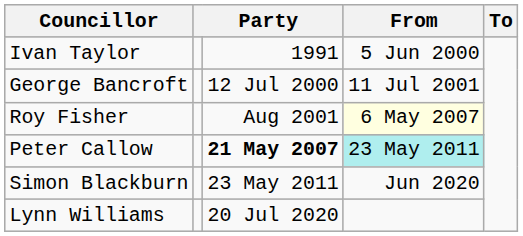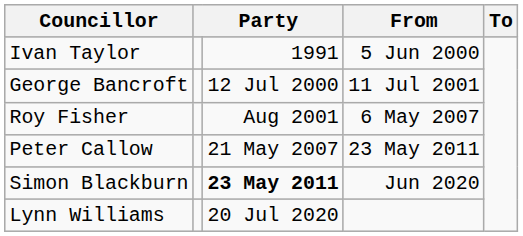 <table class=wikitable>
 <tr>
 <th>Councillor</th>
 <th colspan=2>Party</th>
 <th>From</th>
 <th>To</th>
 </tr>
 <tr>
 <td>Ivan Taylor</td>
 <td></td>
 <td align=right>1991</td>
 <td align=right>5 Jun 2000</td>
 </tr>
 <tr>
 <td>George Bancroft</td>
 <td></td>
 <td align=right>12 Jul 2000</td>
 <td align=right>11 Jul 2001</td>
 </tr>
 <tr>
 <td>Roy Fisher</td>
 <td></td>
 <td align=right>Aug 2001</td>
-<td align=right style="background: lightyellow;">6 May 2007</td>
+<td align=right>6 May 2007</td>
 </tr>
 <tr>
 <td>Peter Callow</td>
 <td></td>
-<td align=right><strong>21 May 2007</strong></td>
-<td align=right style="background: paleturquoise;">23 May 2011</td>
+<td align=right>21 May 2007</td>
+<td align=right>23 May 2011</td>
 </tr>
 <tr>
 <td>Simon Blackburn</td>
 <td></td>
-<td align=right>23 May 2011</td>
+<td align=right><strong>23 May 2011</strong></td>
 <td align=right>Jun 2020</td>
 </tr>
 <tr>
 <td>Lynn Williams</td>
 <td></td>
 <td align=right>20 Jul 2020</td>
 <td align=right></td>
 </tr>
 </table>
